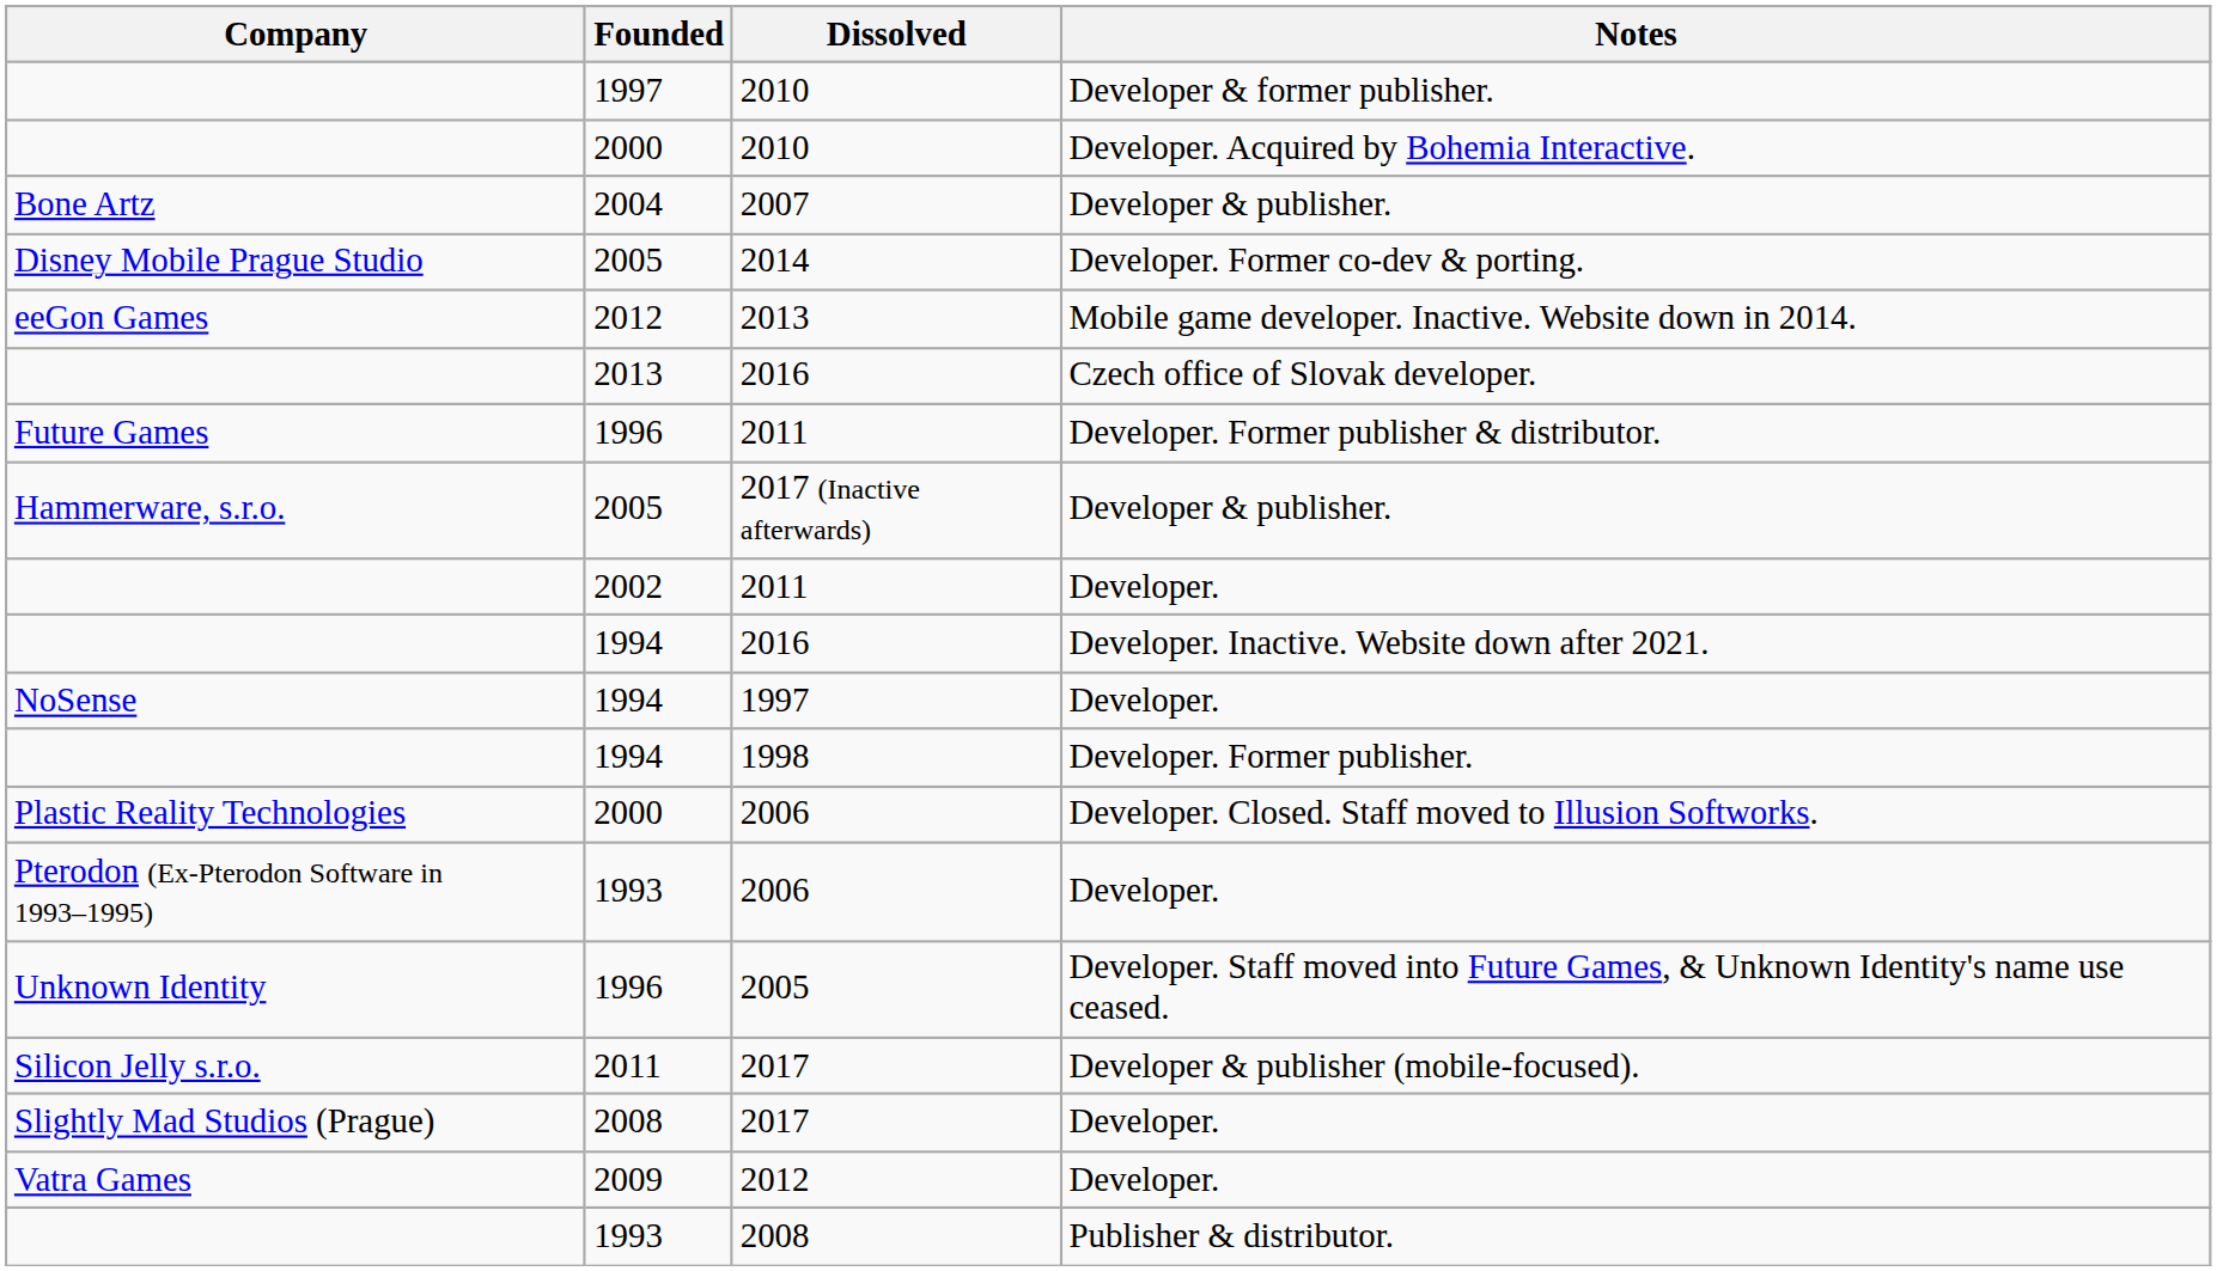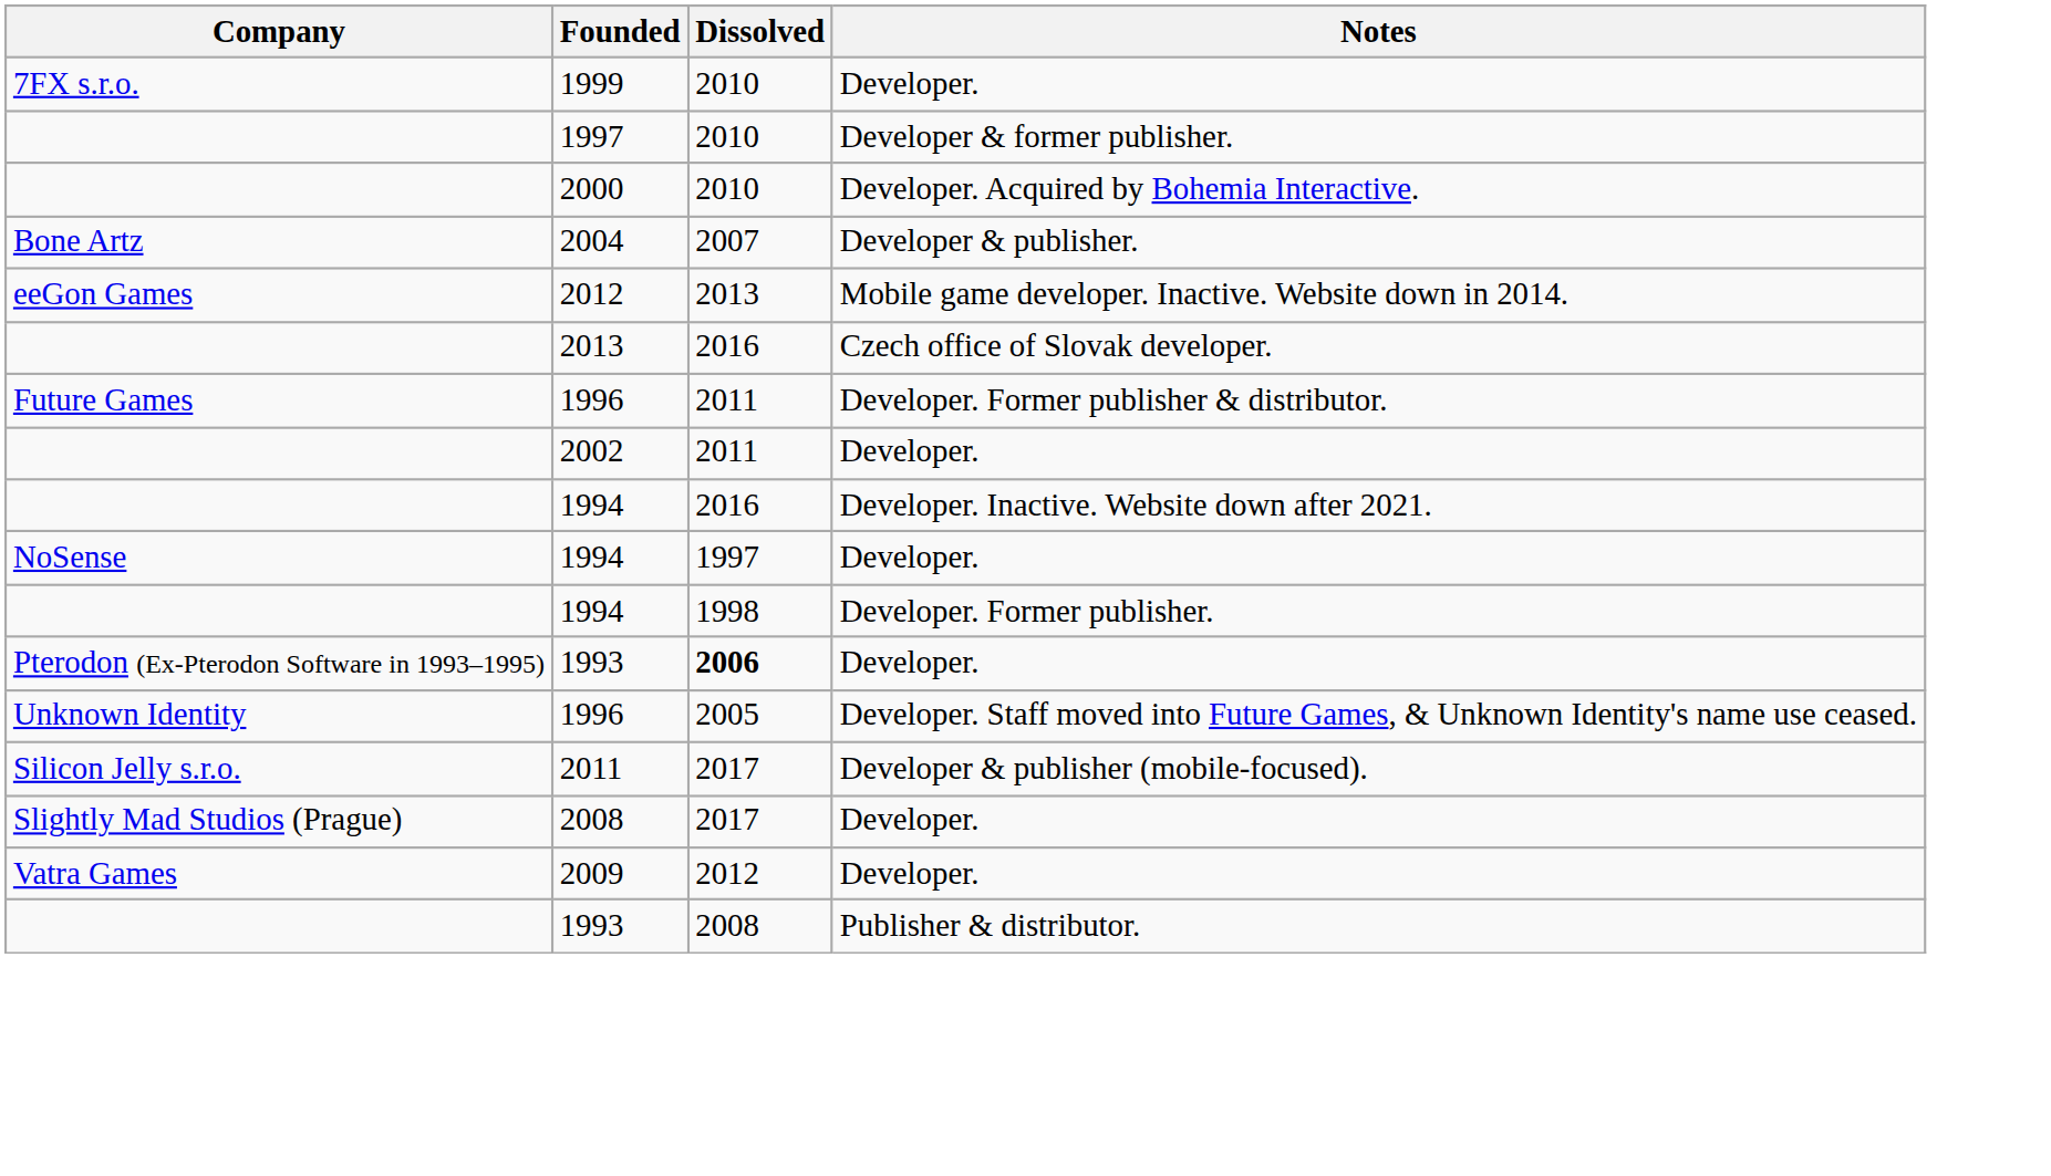 <table class="wikitable sortable mw-collapsible" style="font-size:85%">
 <tr>
 <th>Company</th>
 <th>Founded</th>
 <th>Dissolved</th>
 <th>Notes</th>
+</tr>
+<tr>
+<td><a href='#'>7FX s.r.o.</a></td>
+<td>1999</td>
+<td>2010</td>
+<td>Developer.</td>
 </tr>
 <tr>
 <td></td>
 <td>1997</td>
 <td>2010</td>
 <td>Developer & former publisher.</td>
 </tr>
 <tr>
 <td></td>
 <td>2000</td>
 <td>2010</td>
 <td>Developer. Acquired by <a href='#'>Bohemia Interactive</a>.</td>
 </tr>
 <tr>
 <td><a href='#'>Bone Artz</a></td>
 <td>2004</td>
 <td>2007</td>
 <td>Developer & publisher.</td>
 </tr>
 <tr>
-<td><a href='#'>Disney Mobile Prague Studio</a></td>
-<td>2005</td>
-<td>2014</td>
-<td>Developer. Former co-dev & porting.</td>
-</tr>
-<tr>
 <td><a href='#'>eeGon Games</a></td>
 <td>2012</td>
 <td>2013</td>
 <td>Mobile game developer. Inactive. Website down in 2014.</td>
 </tr>
 <tr>
 <td></td>
 <td>2013</td>
 <td>2016</td>
 <td>Czech office of Slovak developer.</td>
 </tr>
 <tr>
 <td><a href='#'>Future Games</a></td>
 <td>1996</td>
 <td>2011</td>
 <td>Developer. Former publisher & distributor.</td>
-</tr>
-<tr>
-<td><a href='#'>Hammerware, s.r.o.</a></td>
-<td>2005</td>
-<td>2017 <small>(Inactive afterwards)</small></td>
-<td>Developer & publisher.</td>
 </tr>
 <tr>
 <td></td>
 <td>2002</td>
 <td>2011</td>
 <td>Developer.</td>
 </tr>
 <tr>
 <td></td>
 <td>1994</td>
 <td>2016</td>
 <td>Developer. Inactive. Website down after 2021.</td>
 </tr>
 <tr>
 <td><a href='#'>NoSense</a></td>
 <td>1994</td>
 <td>1997</td>
 <td>Developer.</td>
 </tr>
 <tr>
 <td></td>
 <td>1994</td>
 <td>1998</td>
 <td>Developer. Former publisher.</td>
 </tr>
 <tr>
-<td><a href='#'>Plastic Reality Technologies</a></td>
-<td>2000</td>
-<td>2006</td>
-<td>Developer. Closed. Staff moved to <a href='#'>Illusion Softworks</a>.</td>
-</tr>
-<tr>
 <td><a href='#'>Pterodon</a> <small>(Ex-Pterodon Software in 1993–⁠⁠⁠⁠⁠⁠1995)</small></td>
 <td>1993</td>
-<td>2006</td>
+<td><strong>2006</strong></td>
 <td>Developer.</td>
 </tr>
 <tr>
 <td><a href='#'>Unknown Identity</a></td>
 <td>1996</td>
 <td>2005</td>
 <td>Developer. Staff moved into <a href='#'>Future Games</a>, & Unknown Identity's name use ceased.</td>
 </tr>
 <tr>
 <td><a href='#'>Silicon Jelly s.r.o.</a></td>
 <td>2011</td>
 <td>2017</td>
 <td>Developer & publisher (mobile-focused).</td>
 </tr>
 <tr>
 <td><a href='#'>Slightly Mad Studios</a> (Prague)</td>
 <td>2008</td>
 <td>2017</td>
 <td>Developer.</td>
 </tr>
 <tr>
 <td><a href='#'>Vatra Games</a></td>
 <td>2009</td>
 <td>2012</td>
 <td>Developer.</td>
 </tr>
 <tr>
 <td></td>
 <td>1993</td>
 <td>2008</td>
 <td>Publisher & distributor.</td>
 </tr>
 </table>
